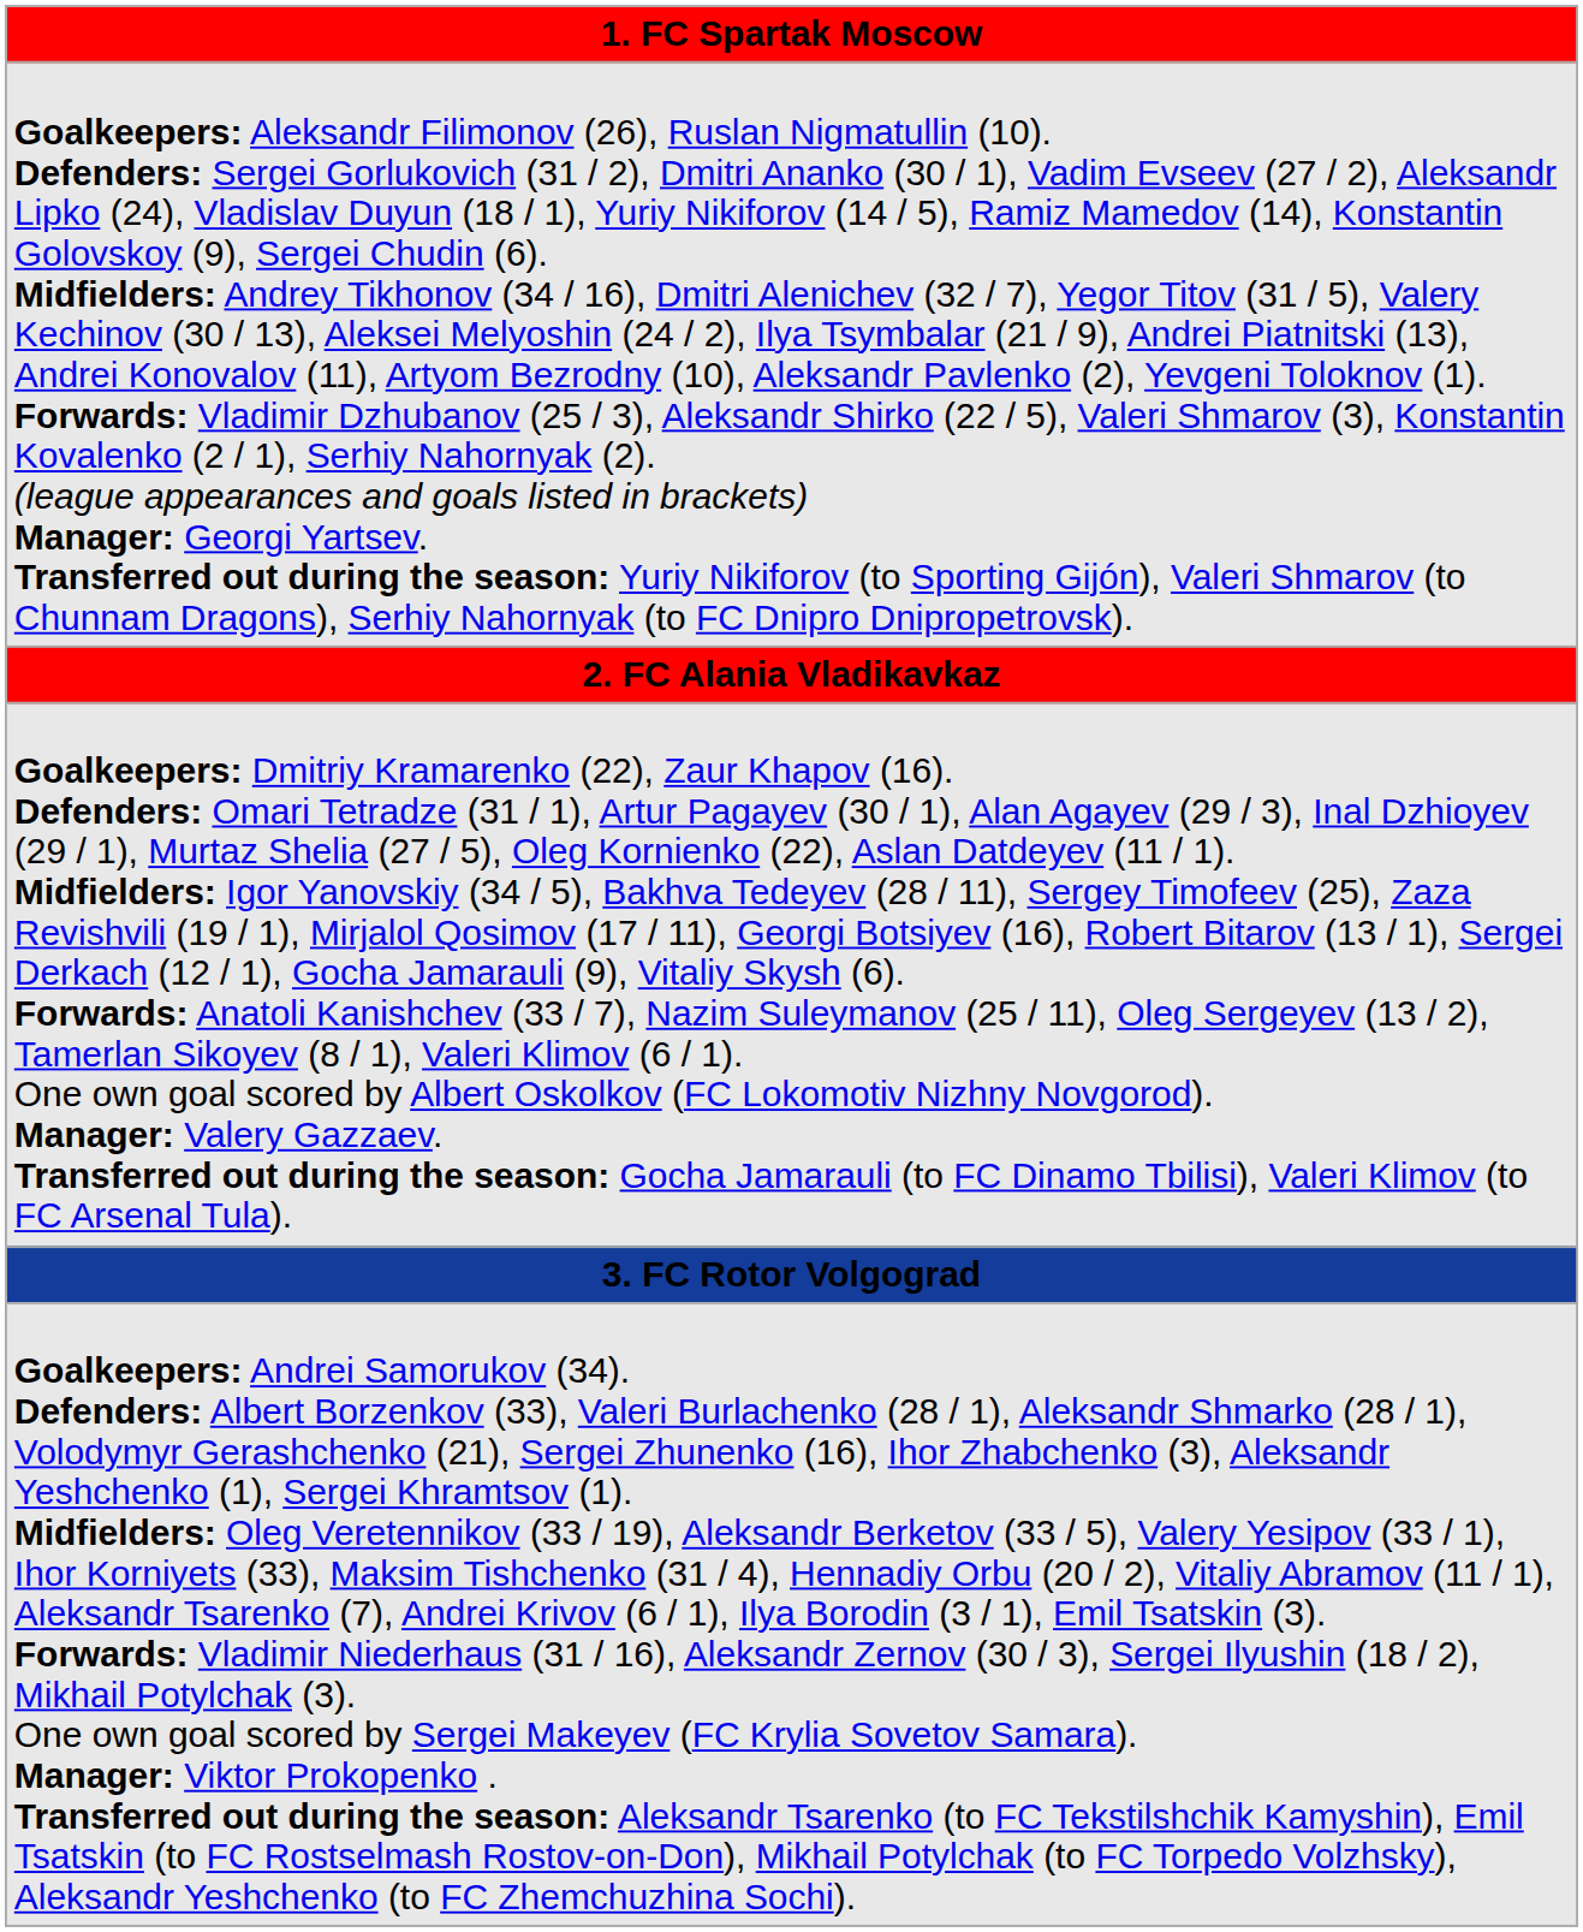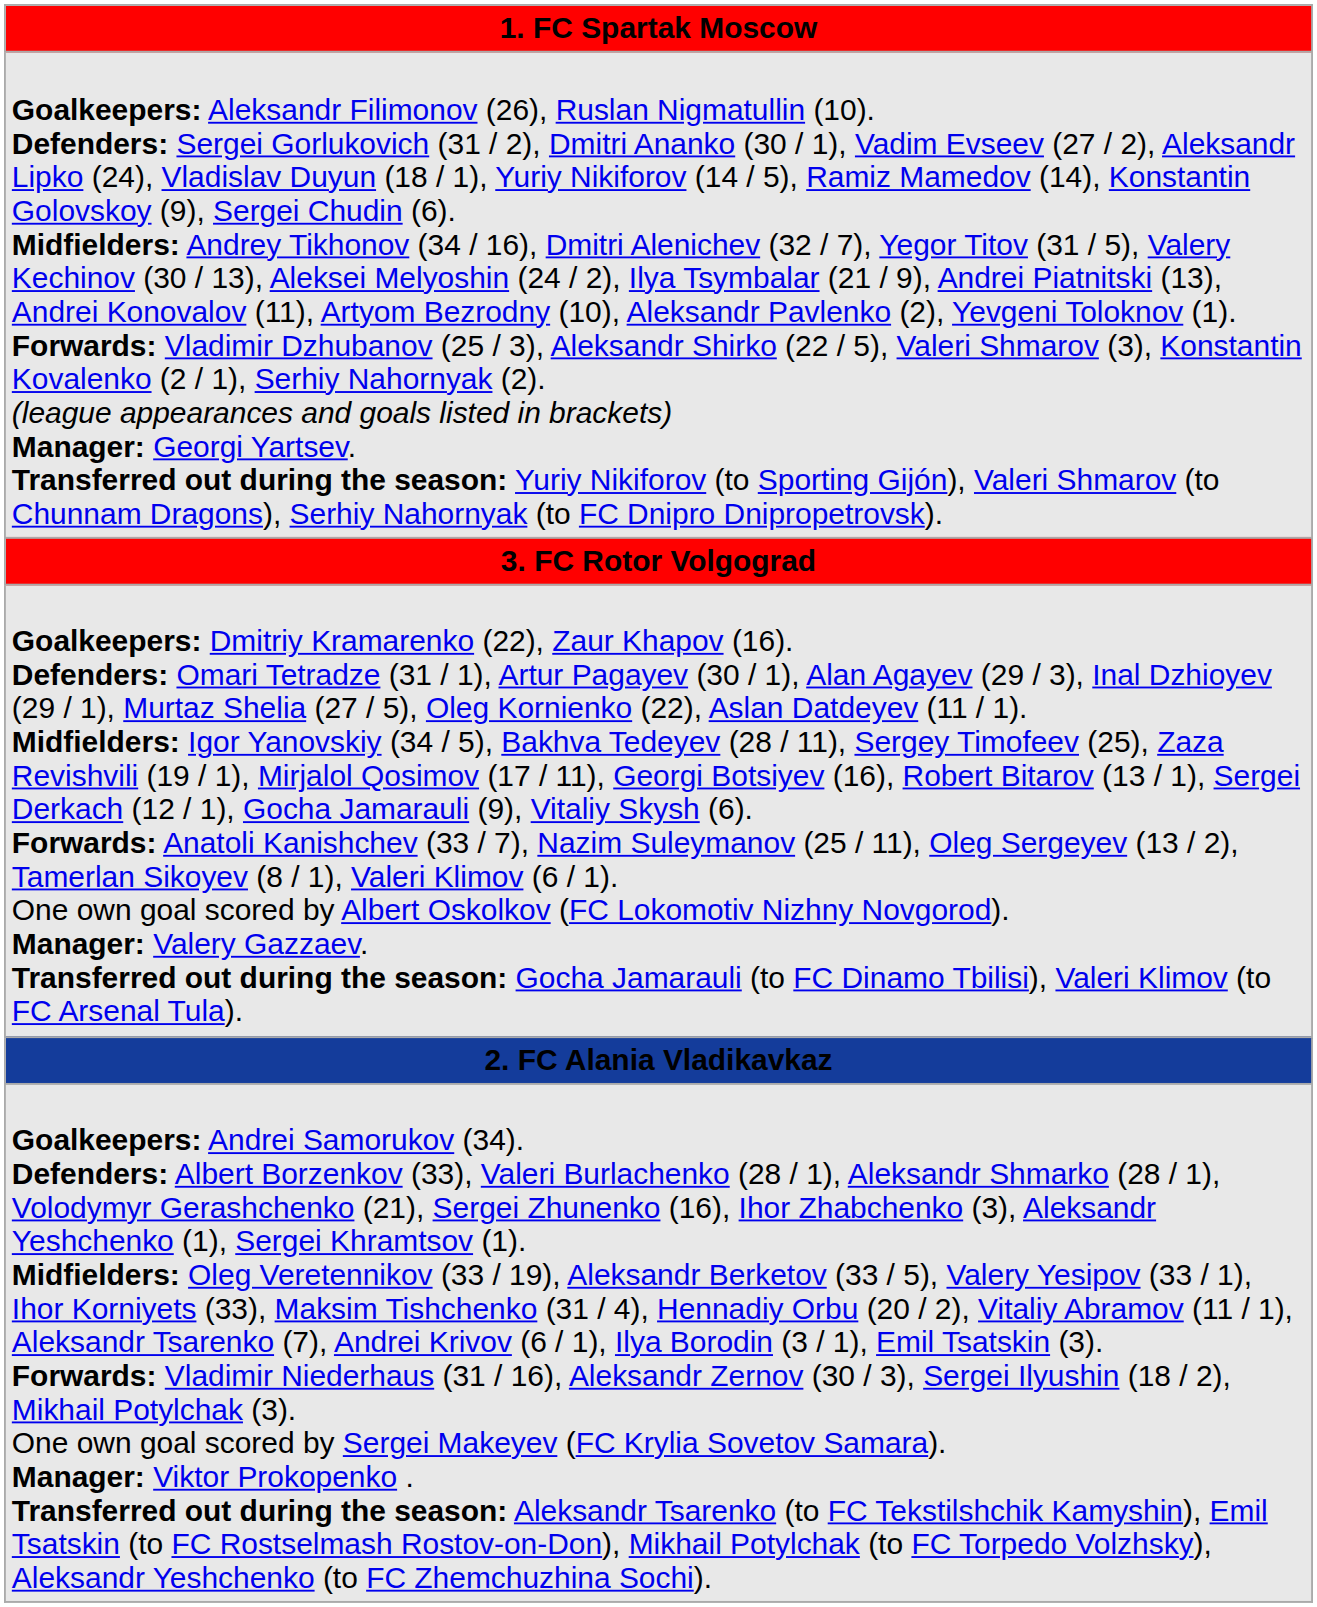 <table class="wikitable" Width="700">
 <tr bgcolor="#FF0000">
 <td align="center" width="700"><span> <strong>1. FC Spartak Moscow</strong> </span></td>
 </tr>
 <tr bgcolor="#E8E8E8">
 <td align="left" width="700"><br><strong>Goalkeepers:</strong> <a href='#'>Aleksandr Filimonov</a> (26), <a href='#'>Ruslan Nigmatullin</a> (10).<br> <strong>Defenders:</strong> <a href='#'>Sergei Gorlukovich</a> (31 / 2), <a href='#'>Dmitri Ananko</a> (30 / 1), <a href='#'>Vadim Evseev</a> (27 / 2), <a href='#'>Aleksandr Lipko</a> (24), <a href='#'>Vladislav Duyun</a> (18 / 1), <a href='#'>Yuriy Nikiforov</a> (14 / 5), <a href='#'>Ramiz Mamedov</a> (14), <a href='#'>Konstantin Golovskoy</a> (9), <a href='#'>Sergei Chudin</a> (6).<br> <strong>Midfielders:</strong> <a href='#'>Andrey Tikhonov</a> (34 / 16), <a href='#'>Dmitri Alenichev</a> (32 / 7), <a href='#'>Yegor Titov</a> (31 / 5), <a href='#'>Valery Kechinov</a> (30 / 13), <a href='#'>Aleksei Melyoshin</a> (24 / 2), <a href='#'>Ilya Tsymbalar</a> (21 / 9), <a href='#'>Andrei Piatnitski</a> (13), <a href='#'>Andrei Konovalov</a> (11), <a href='#'>Artyom Bezrodny</a> (10), <a href='#'>Aleksandr Pavlenko</a> (2), <a href='#'>Yevgeni Toloknov</a> (1).<br> <strong>Forwards:</strong> <a href='#'>Vladimir Dzhubanov</a> (25 / 3), <a href='#'>Aleksandr Shirko</a> (22 / 5), <a href='#'>Valeri Shmarov</a> (3), <a href='#'>Konstantin Kovalenko</a>  (2 / 1), <a href='#'>Serhiy Nahornyak</a>  (2).<br><em>(league appearances and goals listed in brackets)</em><br><strong>Manager:</strong> <a href='#'>Georgi Yartsev</a>.<br><strong>Transferred out during the season:</strong> <a href='#'>Yuriy Nikiforov</a> (to  <a href='#'>Sporting Gijón</a>), <a href='#'>Valeri Shmarov</a> (to  <a href='#'>Chunnam Dragons</a>), <a href='#'>Serhiy Nahornyak</a>  (to  <a href='#'>FC Dnipro Dnipropetrovsk</a>).</td>
 </tr>
 <tr bgcolor="#FF0000">
-<td align="center" width="700"><span> <strong>2. FC Alania Vladikavkaz</strong> </span></td>
+<td align="center" width="700"><span> <strong>3. FC Rotor Volgograd</strong> </span></td>
 </tr>
 <tr bgcolor="#E8E8E8">
 <td align="left" width="700"><br><strong>Goalkeepers:</strong> <a href='#'>Dmitriy Kramarenko</a>  (22), <a href='#'>Zaur Khapov</a> (16).<br> <strong>Defenders:</strong> <a href='#'>Omari Tetradze</a> (31 / 1), <a href='#'>Artur Pagayev</a> (30 / 1), <a href='#'>Alan Agayev</a> (29 / 3), <a href='#'>Inal Dzhioyev</a> (29 / 1), <a href='#'>Murtaz Shelia</a>  (27 / 5), <a href='#'>Oleg Kornienko</a>  (22), <a href='#'>Aslan Datdeyev</a> (11 / 1).<br> <strong>Midfielders:</strong> <a href='#'>Igor Yanovskiy</a> (34 / 5), <a href='#'>Bakhva Tedeyev</a> (28 / 11), <a href='#'>Sergey Timofeev</a>  (25), <a href='#'>Zaza Revishvili</a>  (19 / 1), <a href='#'>Mirjalol Qosimov</a>  (17 / 11), <a href='#'>Georgi Botsiyev</a> (16), <a href='#'>Robert Bitarov</a> (13 / 1), <a href='#'>Sergei Derkach</a> (12 / 1), <a href='#'>Gocha Jamarauli</a>  (9), <a href='#'>Vitaliy Skysh</a>  (6).<br> <strong>Forwards:</strong> <a href='#'>Anatoli Kanishchev</a> (33 / 7), <a href='#'>Nazim Suleymanov</a>  (25 / 11), <a href='#'>Oleg Sergeyev</a> (13 / 2), <a href='#'>Tamerlan Sikoyev</a> (8 / 1), <a href='#'>Valeri Klimov</a> (6 / 1).<br>One own goal scored by <a href='#'>Albert Oskolkov</a> (<a href='#'>FC Lokomotiv Nizhny Novgorod</a>).<br><strong>Manager:</strong> <a href='#'>Valery Gazzaev</a>.<br><strong>Transferred out during the season:</strong> <a href='#'>Gocha Jamarauli</a>  (to  <a href='#'>FC Dinamo Tbilisi</a>), <a href='#'>Valeri Klimov</a> (to <a href='#'>FC Arsenal Tula</a>).</td>
 </tr>
 <tr bgcolor="#143c9b">
-<td align="center" width="700"><span> <strong>3. FC Rotor Volgograd</strong> </span></td>
+<td align="center" width="700"><span> <strong>2. FC Alania Vladikavkaz</strong> </span></td>
 </tr>
 <tr bgcolor="#E8E8E8">
 <td align="left" width="700"><br><strong>Goalkeepers:</strong> <a href='#'>Andrei Samorukov</a> (34).<br> <strong>Defenders:</strong> <a href='#'>Albert Borzenkov</a> (33), <a href='#'>Valeri Burlachenko</a> (28 / 1), <a href='#'>Aleksandr Shmarko</a> (28 / 1), <a href='#'>Volodymyr Gerashchenko</a>  (21), <a href='#'>Sergei Zhunenko</a>  (16), <a href='#'>Ihor Zhabchenko</a>  (3), <a href='#'>Aleksandr Yeshchenko</a> (1), <a href='#'>Sergei Khramtsov</a> (1).<br> <strong>Midfielders:</strong> <a href='#'>Oleg Veretennikov</a> (33 / 19), <a href='#'>Aleksandr Berketov</a> (33 / 5), <a href='#'>Valery Yesipov</a> (33 / 1), <a href='#'>Ihor Korniyets</a>  (33), <a href='#'>Maksim Tishchenko</a> (31 / 4), <a href='#'>Hennadiy Orbu</a>  (20 / 2), <a href='#'>Vitaliy Abramov</a>  (11 / 1), <a href='#'>Aleksandr Tsarenko</a> (7), <a href='#'>Andrei Krivov</a> (6 / 1), <a href='#'>Ilya Borodin</a> (3 / 1), <a href='#'>Emil Tsatskin</a> (3).<br> <strong>Forwards:</strong> <a href='#'>Vladimir Niederhaus</a>  (31 / 16), <a href='#'>Aleksandr Zernov</a> (30 / 3), <a href='#'>Sergei Ilyushin</a> (18 / 2), <a href='#'>Mikhail Potylchak</a> (3).<br>One own goal scored by <a href='#'>Sergei Makeyev</a> (<a href='#'>FC Krylia Sovetov Samara</a>).<br><strong>Manager:</strong> <a href='#'>Viktor Prokopenko</a> .<br><strong>Transferred out during the season:</strong> <a href='#'>Aleksandr Tsarenko</a> (to <a href='#'>FC Tekstilshchik Kamyshin</a>), <a href='#'>Emil Tsatskin</a> (to <a href='#'>FC Rostselmash Rostov-on-Don</a>), <a href='#'>Mikhail Potylchak</a> (to <a href='#'>FC Torpedo Volzhsky</a>), <a href='#'>Aleksandr Yeshchenko</a> (to <a href='#'>FC Zhemchuzhina Sochi</a>).</td>
 </tr>
 </table>
